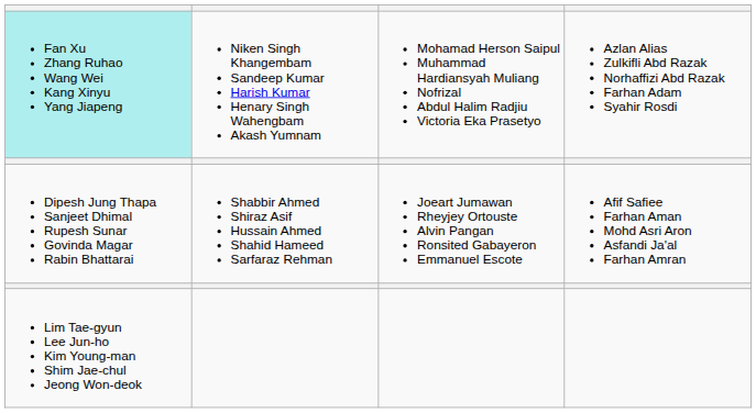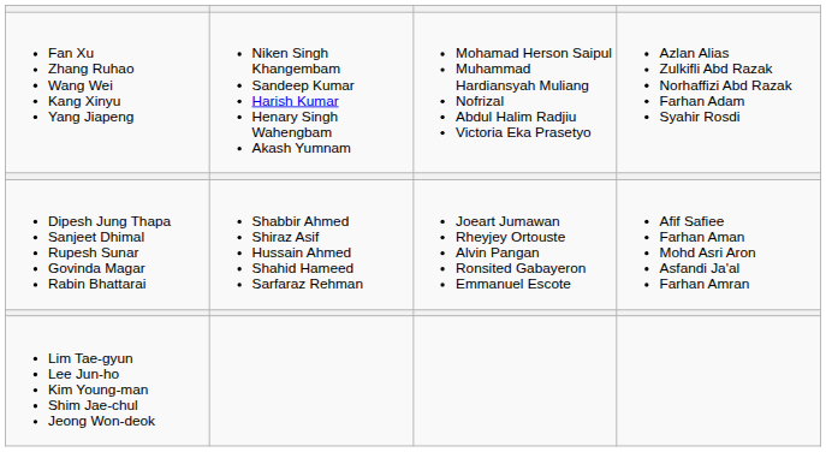 <table class="wikitable" style="font-size:90%">
 <tr>
 <th width=200></th>
 <th width=200></th>
 <th width=200></th>
 <th width=200></th>
 </tr>
 <tr>
-<td valign=top style="background: paleturquoise;"><br><ul><li>Fan Xu</li><li>Zhang Ruhao</li><li>Wang Wei</li><li>Kang Xinyu</li><li>Yang Jiapeng</li></ul></td>
+<td valign=top><br><ul><li>Fan Xu</li><li>Zhang Ruhao</li><li>Wang Wei</li><li>Kang Xinyu</li><li>Yang Jiapeng</li></ul></td>
 <td valign=top><br><ul><li>Niken Singh Khangembam</li><li>Sandeep Kumar</li><li><a href='#'>Harish Kumar</a></li><li>Henary Singh Wahengbam</li><li>Akash Yumnam</li></ul></td>
 <td valign=top><br><ul><li>Mohamad Herson Saipul</li><li>Muhammad Hardiansyah Muliang</li><li>Nofrizal</li><li>Abdul Halim Radjiu</li><li>Victoria Eka Prasetyo</li></ul></td>
 <td valign=top><br><ul><li>Azlan Alias</li><li>Zulkifli Abd Razak</li><li>Norhaffizi Abd Razak</li><li>Farhan Adam</li><li>Syahir Rosdi</li></ul></td>
 </tr>
 <tr>
 <th></th>
 <th></th>
 <th></th>
 <th></th>
 </tr>
 <tr>
 <td valign=top><br><ul><li>Dipesh Jung Thapa</li><li>Sanjeet Dhimal</li><li>Rupesh Sunar</li><li>Govinda Magar</li><li>Rabin Bhattarai</li></ul></td>
 <td valign=top><br><ul><li>Shabbir Ahmed</li><li>Shiraz Asif</li><li>Hussain Ahmed</li><li>Shahid Hameed</li><li>Sarfaraz Rehman</li></ul></td>
 <td valign=top><br><ul><li>Joeart Jumawan</li><li>Rheyjey Ortouste</li><li>Alvin Pangan</li><li>Ronsited Gabayeron</li><li>Emmanuel Escote</li></ul></td>
 <td valign=top><br><ul><li>Afif Safiee</li><li>Farhan Aman</li><li>Mohd Asri Aron</li><li>Asfandi Ja'al</li><li>Farhan Amran</li></ul></td>
 </tr>
 <tr>
 <th></th>
 <th></th>
 <th></th>
 <th></th>
 </tr>
 <tr>
 <td valign=top><br><ul><li>Lim Tae-gyun</li><li>Lee Jun-ho</li><li>Kim Young-man</li><li>Shim Jae-chul</li><li>Jeong Won-deok</li></ul></td>
 <td valign=top></td>
 <td valign=top></td>
 <td valign=top></td>
 </tr>
 </table>
